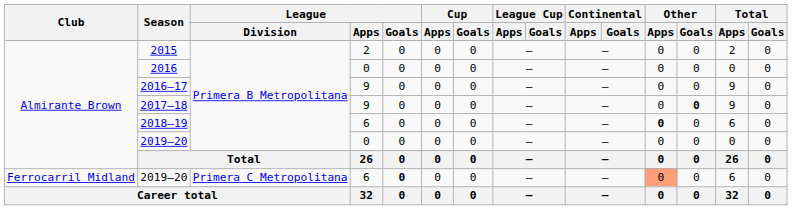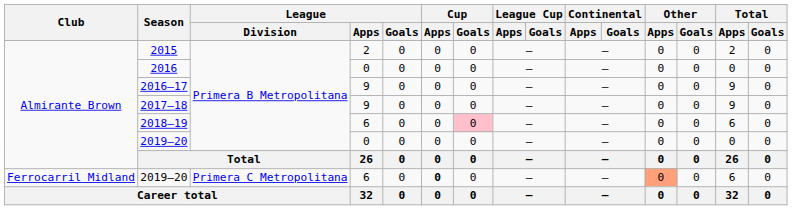 <table class="wikitable" style="text-align:center">
 <tr>
 <th rowspan="2">Club</th>
 <th rowspan="2">Season</th>
 <th colspan="3">League</th>
 <th colspan="2">Cup</th>
 <th colspan="2">League Cup</th>
 <th colspan="2">Continental</th>
 <th colspan="2">Other</th>
 <th colspan="2">Total</th>
 </tr>
 <tr>
 <th>Division</th>
 <th>Apps</th>
 <th>Goals</th>
 <th>Apps</th>
 <th>Goals</th>
 <th>Apps</th>
 <th>Goals</th>
 <th>Apps</th>
 <th>Goals</th>
 <th>Apps</th>
 <th>Goals</th>
 <th>Apps</th>
 <th>Goals</th>
 </tr>
 <tr>
 <td rowspan="7"><a href='#'>Almirante Brown</a></td>
 <td><a href='#'>2015</a></td>
 <td rowspan="6"><a href='#'>Primera B Metropolitana</a></td>
 <td>2</td>
 <td>0</td>
 <td>0</td>
 <td>0</td>
 <td colspan="2">—</td>
 <td colspan="2">—</td>
 <td>0</td>
 <td>0</td>
 <td>2</td>
 <td>0</td>
 </tr>
 <tr>
 <td><a href='#'>2016</a></td>
 <td>0</td>
 <td>0</td>
 <td>0</td>
 <td>0</td>
 <td colspan="2">—</td>
 <td colspan="2">—</td>
 <td>0</td>
 <td>0</td>
 <td>0</td>
 <td>0</td>
 </tr>
 <tr>
 <td><a href='#'>2016–17</a></td>
 <td>9</td>
 <td>0</td>
 <td>0</td>
 <td>0</td>
 <td colspan="2">—</td>
 <td colspan="2">—</td>
 <td>0</td>
 <td>0</td>
 <td>9</td>
 <td>0</td>
 </tr>
 <tr>
 <td><a href='#'>2017–18</a></td>
 <td>9</td>
 <td>0</td>
 <td>0</td>
 <td>0</td>
 <td colspan="2">—</td>
 <td colspan="2">—</td>
 <td>0</td>
-<td><strong>0</strong></td>
+<td>0</td>
 <td>9</td>
 <td>0</td>
 </tr>
 <tr>
 <td><a href='#'>2018–19</a></td>
 <td>6</td>
 <td>0</td>
 <td>0</td>
-<td>0</td>
+<td style="background: pink;">0</td>
 <td colspan="2">—</td>
 <td colspan="2">—</td>
-<td><strong>0</strong></td>
+<td>0</td>
 <td>0</td>
 <td>6</td>
 <td>0</td>
 </tr>
 <tr>
 <td><a href='#'>2019–20</a></td>
 <td>0</td>
 <td>0</td>
 <td>0</td>
 <td>0</td>
 <td colspan="2">—</td>
 <td colspan="2">—</td>
 <td>0</td>
 <td>0</td>
 <td>0</td>
 <td>0</td>
 </tr>
 <tr>
 <th colspan="2">Total</th>
 <th>26</th>
 <th>0</th>
 <th>0</th>
 <th>0</th>
 <th colspan="2">—</th>
 <th colspan="2">—</th>
 <th>0</th>
 <th>0</th>
 <th>26</th>
 <th>0</th>
 </tr>
 <tr>
 <td rowspan="1"><a href='#'>Ferrocarril Midland</a></td>
 <td>2019–20</td>
 <td rowspan="1"><a href='#'>Primera C Metropolitana</a></td>
 <td>6</td>
+<td>0</td>
 <td><strong>0</strong></td>
-<td>0</td>
 <td>0</td>
 <td colspan="2">—</td>
 <td colspan="2">—</td>
 <td style="background: lightsalmon;">0</td>
 <td>0</td>
 <td>6</td>
 <td>0</td>
 </tr>
 <tr>
 <th colspan="3">Career total</th>
 <th>32</th>
 <th>0</th>
 <th>0</th>
 <th>0</th>
 <th colspan="2">—</th>
 <th colspan="2">—</th>
 <th>0</th>
 <th>0</th>
 <th>32</th>
 <th>0</th>
 </tr>
 </table>
